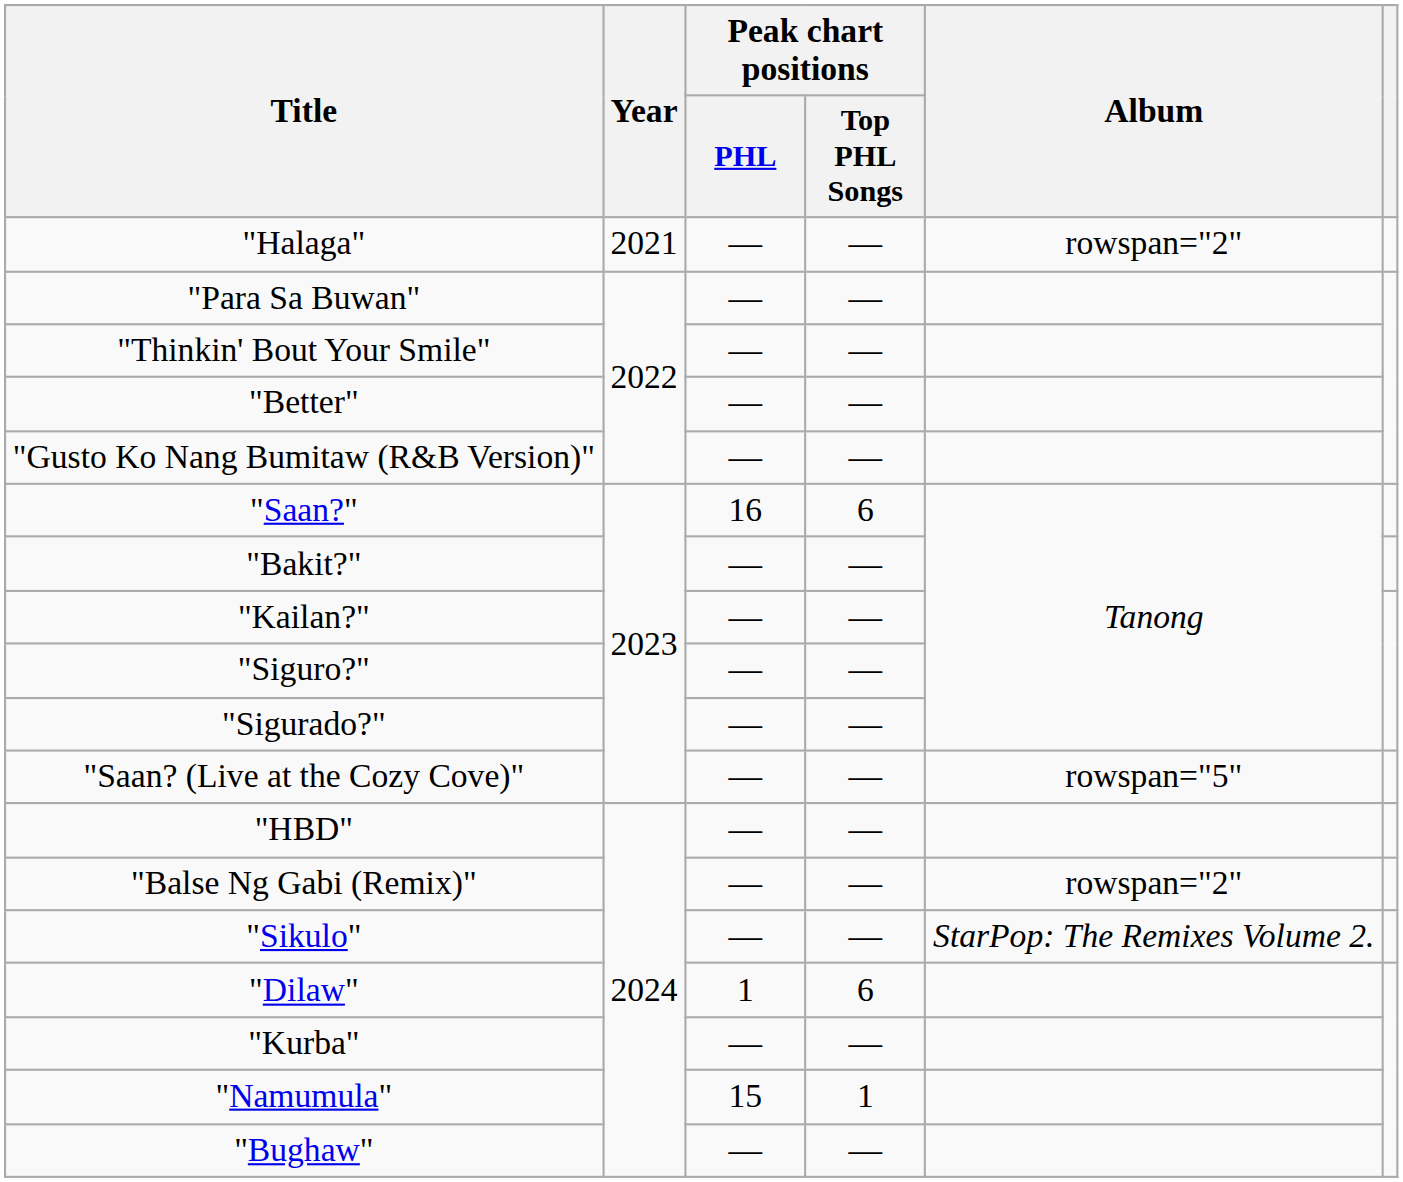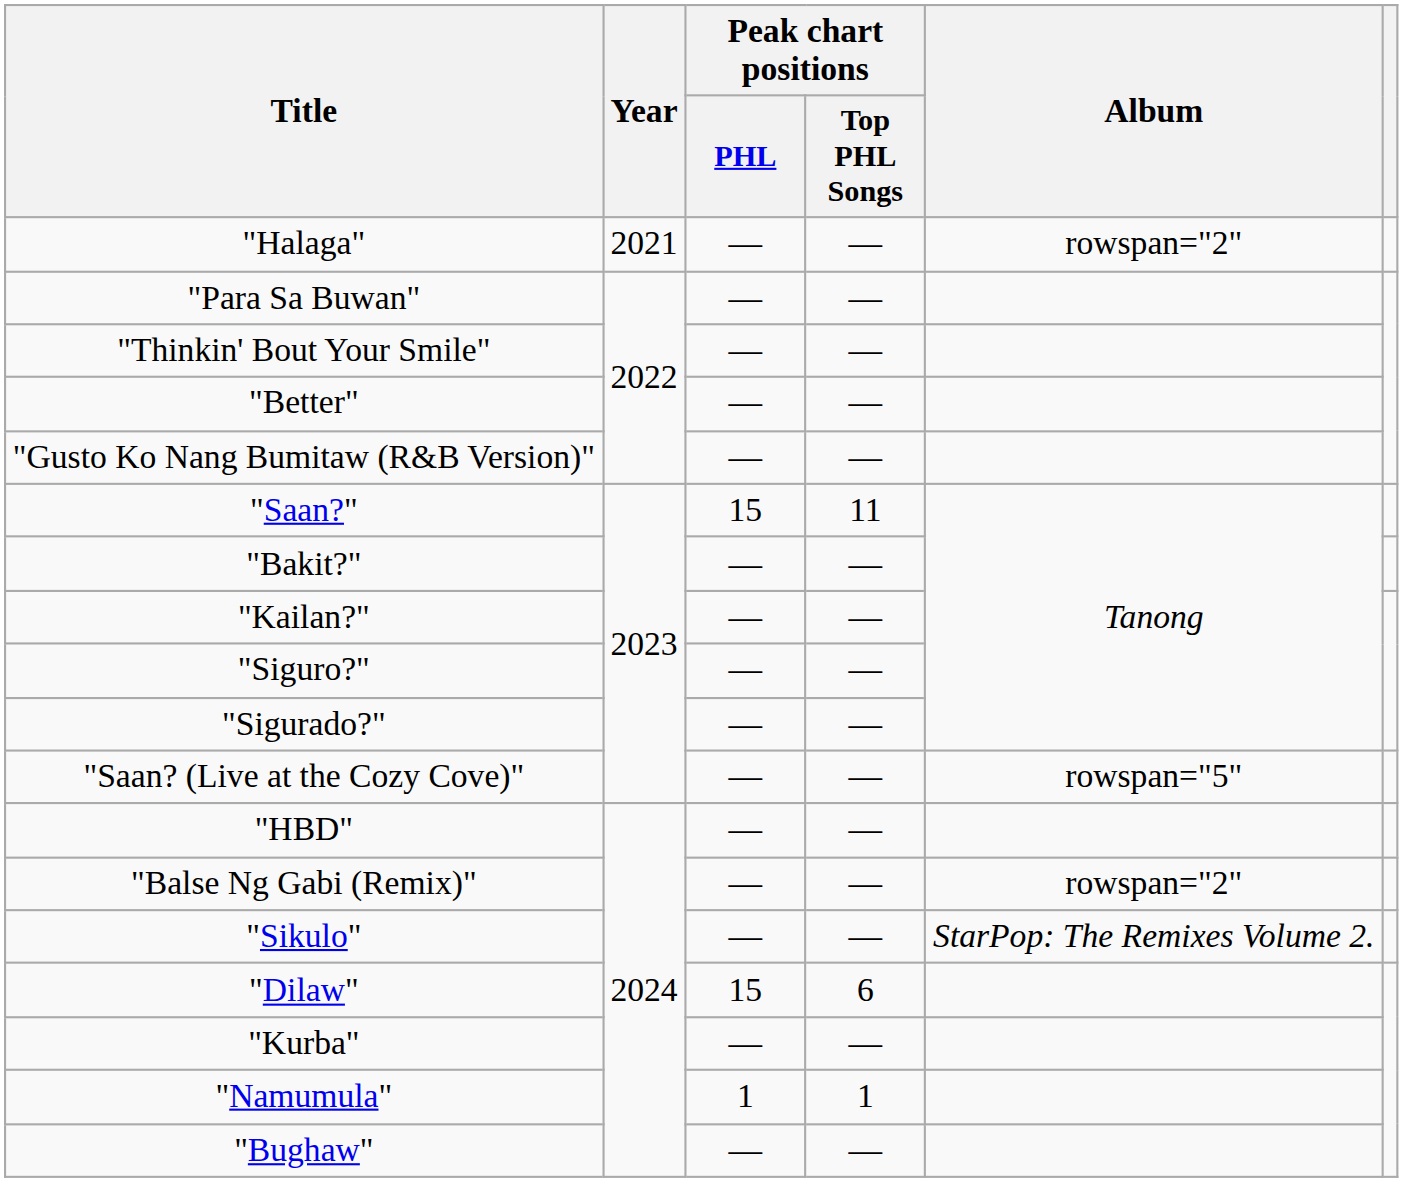 <table class="wikitable plainrowheaders" style="text-align:center;">
 <tr>
 <th scope="col" rowspan="2">Title</th>
 <th scope="col" rowspan="2">Year</th>
 <th scope="col" colspan="2">Peak chart positions</th>
 <th scope="col" rowspan="2">Album</th>
 <th rowspan="2"></th>
 </tr>
 <tr>
 <th scope="col" style="font-size:90%; width:3.5em"><a href='#'>PHL</a><br></th>
 <th scope="col" style="font-size:90%; width:3.5em">Top PHL Songs<br></th>
 </tr>
 <tr>
 <td>"Halaga"</td>
 <td rowspan="1">2021</td>
 <td>—</td>
 <td>—</td>
 <td>rowspan="2"  </td>
 <td></td>
 </tr>
 <tr>
 <td>"Para Sa Buwan"</td>
 <td rowspan="4">2022</td>
 <td>—</td>
 <td>—</td>
 <td></td>
 </tr>
 <tr>
 <td>"Thinkin' Bout Your Smile"<br></td>
 <td>—</td>
 <td>—</td>
 <td></td>
 </tr>
 <tr>
 <td>"Better"<br></td>
 <td>—</td>
 <td>—</td>
 <td></td>
 </tr>
 <tr>
 <td>"Gusto Ko Nang Bumitaw (R&B Version)"<br></td>
 <td>—</td>
 <td>—</td>
 <td></td>
 </tr>
 <tr>
 <td>"<a href='#'>Saan?</a>"</td>
 <td rowspan="6">2023</td>
-<td>16</td>
-<td>6</td>
+<td>15</td>
+<td>11</td>
 <td rowspan="5"><em>Tanong</em></td>
 <td></td>
 </tr>
 <tr>
 <td>"Bakit?"</td>
 <td>—</td>
 <td>—</td>
 <td></td>
 </tr>
 <tr>
 <td>"Kailan?"</td>
 <td>—</td>
 <td>—</td>
 <td rowspan="3"></td>
 </tr>
 <tr>
 <td>"Siguro?"</td>
 <td>—</td>
 <td>—</td>
 </tr>
 <tr>
 <td>"Sigurado?"</td>
 <td>—</td>
 <td>—</td>
 </tr>
 <tr>
 <td>"Saan? (Live at the Cozy Cove)"</td>
 <td>—</td>
 <td>—</td>
 <td>rowspan="5"  </td>
 <td></td>
 </tr>
 <tr>
 <td>"HBD"</td>
 <td rowspan="7">2024</td>
 <td>—</td>
 <td>—</td>
 <td></td>
 </tr>
 <tr>
 <td>"Balse Ng Gabi (Remix)"<br></td>
 <td>—</td>
 <td>—</td>
 <td>rowspan="2"  </td>
 <td></td>
 </tr>
 <tr>
 <td>"<a href='#'>Sikulo</a>"<br></td>
 <td>—</td>
 <td>—</td>
 <td><em>StarPop: The Remixes Volume 2.</em></td>
 <td></td>
 </tr>
 <tr>
 <td>"<a href='#'>Dilaw</a>"</td>
-<td>1</td>
+<td>15</td>
 <td>6</td>
 <td></td>
 </tr>
 <tr>
 <td>"Kurba"</td>
 <td>—</td>
 <td>—</td>
 <td></td>
 </tr>
 <tr>
 <td>"<a href='#'>Namumula</a>"</td>
-<td>15</td>
+<td>1</td>
 <td>1</td>
 <td></td>
 </tr>
 <tr>
 <td>"<a href='#'>Bughaw</a>"</td>
 <td>—</td>
 <td>—</td>
 <td></td>
 </tr>
 </table>
